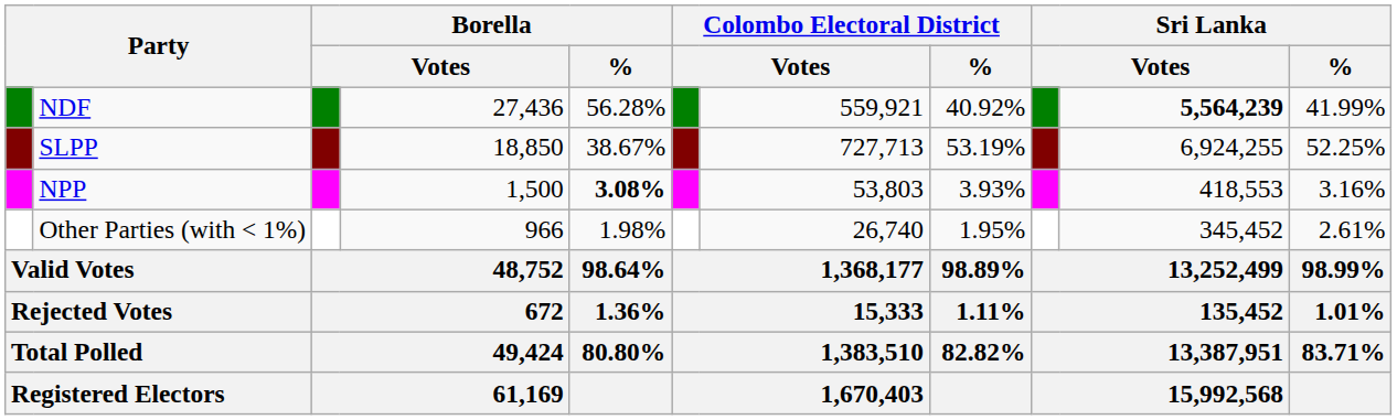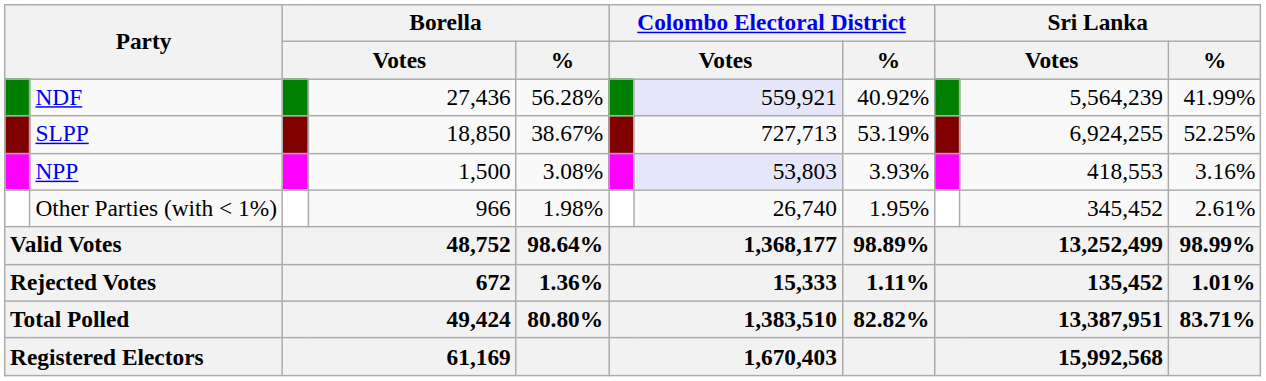 <table class="wikitable">
 <tr>
 <th colspan="2" width="144px"rowspan="2">Party</th>
 <th colspan="3" width="216px">Borella</th>
 <th colspan="3" width="216px"><a href='#'>Colombo Electoral District</a></th>
 <th colspan="3" width="216px">Sri Lanka</th>
 </tr>
 <tr>
 <th colspan="2" width="144px">Votes</th>
 <th>%</th>
 <th colspan="2" width="144px">Votes</th>
 <th>%</th>
 <th colspan="2" width="144px">Votes</th>
 <th>%</th>
 </tr>
 <tr>
 <td style="background-color:green;" width="10px"></td>
 <td style="text-align:left;"><a href='#'>NDF</a></td>
 <td style="background-color:green;" width="10px"></td>
 <td style="text-align:right;">27,436</td>
 <td style="text-align:right;">56.28%</td>
 <td style="background-color:green;" width="10px"></td>
-<td style="text-align:right;">559,921</td>
+<td style="background: lavender; text-align:right;">559,921</td>
 <td style="text-align:right;">40.92%</td>
 <td style="background-color:green;" width="10px"></td>
-<td style="text-align:right;"><strong>5,564,239</strong></td>
+<td style="text-align:right;">5,564,239</td>
 <td style="text-align:right;">41.99%</td>
 </tr>
 <tr>
 <td style="background-color:maroon;" width="10px"></td>
 <td style="text-align:left;"><a href='#'>SLPP</a></td>
 <td style="background-color:maroon;" width="10px"></td>
 <td style="text-align:right;">18,850</td>
 <td style="text-align:right;">38.67%</td>
 <td style="background-color:maroon;" width="10px"></td>
 <td style="text-align:right;">727,713</td>
 <td style="text-align:right;">53.19%</td>
 <td style="background-color:maroon;" width="10px"></td>
 <td style="text-align:right;">6,924,255</td>
 <td style="text-align:right;">52.25%</td>
 </tr>
 <tr>
 <td style="background-color:magenta;" width="10px"></td>
 <td style="text-align:left;"><a href='#'>NPP</a></td>
 <td style="background-color:magenta;" width="10px"></td>
 <td style="text-align:right;">1,500</td>
-<td style="text-align:right;"><strong>3.08%</strong></td>
+<td style="text-align:right;">3.08%</td>
 <td style="background-color:magenta;" width="10px"></td>
-<td style="text-align:right;">53,803</td>
+<td style="background: lavender; text-align:right;">53,803</td>
 <td style="text-align:right;">3.93%</td>
 <td style="background-color:magenta;" width="10px"></td>
 <td style="text-align:right;">418,553</td>
 <td style="text-align:right;">3.16%</td>
 </tr>
 <tr>
 <td style="background-color:white;" width="10px"></td>
 <td style="text-align:left;">Other Parties (with < 1%)</td>
 <td style="background-color:white;" width="10px"></td>
 <td style="text-align:right;">966</td>
 <td style="text-align:right;">1.98%</td>
 <td style="background-color:white;" width="10px"></td>
 <td style="text-align:right;">26,740</td>
 <td style="text-align:right;">1.95%</td>
 <td style="background-color:white;" width="10px"></td>
 <td style="text-align:right;">345,452</td>
 <td style="text-align:right;">2.61%</td>
 </tr>
 <tr>
 <th colspan="2" width="144px"style="text-align:left;">Valid Votes</th>
 <th style="text-align:right;"colspan="2" width="144px">48,752</th>
 <th style="text-align:right;">98.64%</th>
 <th style="text-align:right;"colspan="2" width="144px">1,368,177</th>
 <th style="text-align:right;">98.89%</th>
 <th style="text-align:right;"colspan="2" width="144px">13,252,499</th>
 <th style="text-align:right;">98.99%</th>
 </tr>
 <tr>
 <th colspan="2" width="144px"style="text-align:left;">Rejected Votes</th>
 <th style="text-align:right;"colspan="2" width="144px">672</th>
 <th style="text-align:right;">1.36%</th>
 <th style="text-align:right;"colspan="2" width="144px">15,333</th>
 <th style="text-align:right;">1.11%</th>
 <th style="text-align:right;"colspan="2" width="144px">135,452</th>
 <th style="text-align:right;">1.01%</th>
 </tr>
 <tr>
 <th colspan="2" width="144px"style="text-align:left;">Total Polled</th>
 <th style="text-align:right;"colspan="2" width="144px">49,424</th>
 <th style="text-align:right;">80.80%</th>
 <th style="text-align:right;"colspan="2" width="144px">1,383,510</th>
 <th style="text-align:right;">82.82%</th>
 <th style="text-align:right;"colspan="2" width="144px">13,387,951</th>
 <th style="text-align:right;">83.71%</th>
 </tr>
 <tr>
 <th colspan="2" width="144px"style="text-align:left;">Registered Electors</th>
 <th style="text-align:right;"colspan="2" width="144px">61,169</th>
 <th></th>
 <th style="text-align:right;"colspan="2" width="144px">1,670,403</th>
 <th></th>
 <th style="text-align:right;"colspan="2" width="144px">15,992,568</th>
 <th></th>
 </tr>
 </table>
